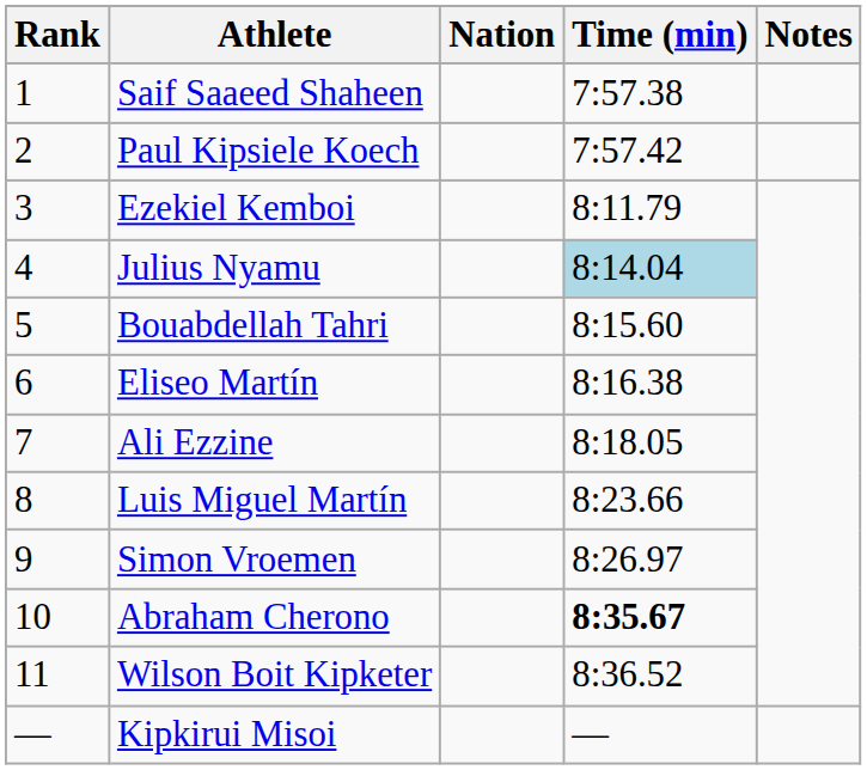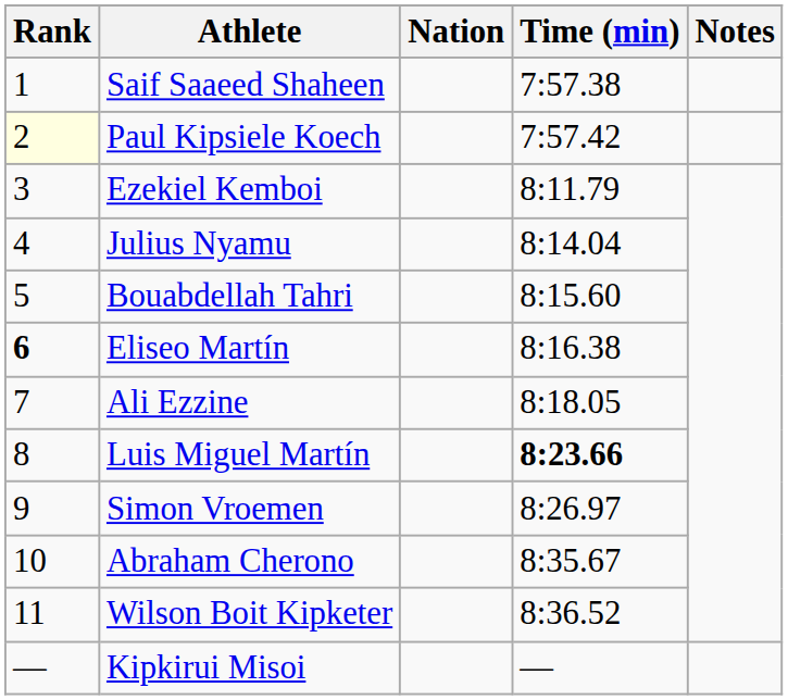 <table class="wikitable">
 <tr>
 </tr>
 <tr>
 <th>Rank</th>
 <th>Athlete</th>
 <th>Nation</th>
 <th>Time (<a href='#'>min</a>)</th>
 <th>Notes</th>
 </tr>
 <tr>
 <td>1</td>
 <td><a href='#'>Saif Saaeed Shaheen</a></td>
 <td></td>
 <td>7:57.38</td>
 <td></td>
 </tr>
 <tr>
-<td>2</td>
+<td style="background: lightyellow;">2</td>
 <td><a href='#'>Paul Kipsiele Koech</a></td>
 <td></td>
 <td>7:57.42</td>
 <td></td>
 </tr>
 <tr>
 <td>3</td>
 <td><a href='#'>Ezekiel Kemboi</a></td>
 <td></td>
 <td>8:11.79</td>
 </tr>
 <tr>
 <td>4</td>
 <td><a href='#'>Julius Nyamu</a></td>
 <td></td>
-<td style="background: lightblue;">8:14.04</td>
+<td>8:14.04</td>
 </tr>
 <tr>
 <td>5</td>
 <td><a href='#'>Bouabdellah Tahri</a></td>
 <td></td>
 <td>8:15.60</td>
 </tr>
 <tr>
-<td>6</td>
+<td><strong>6</strong></td>
 <td><a href='#'>Eliseo Martín</a></td>
 <td></td>
 <td>8:16.38</td>
 </tr>
 <tr>
 <td>7</td>
 <td><a href='#'>Ali Ezzine</a></td>
 <td></td>
 <td>8:18.05</td>
 </tr>
 <tr>
 <td>8</td>
 <td><a href='#'>Luis Miguel Martín</a></td>
 <td></td>
-<td>8:23.66</td>
+<td><strong>8:23.66</strong></td>
 </tr>
 <tr>
 <td>9</td>
 <td><a href='#'>Simon Vroemen</a></td>
 <td></td>
 <td>8:26.97</td>
 </tr>
 <tr>
 <td>10</td>
 <td><a href='#'>Abraham Cherono</a></td>
 <td></td>
-<td><strong>8:35.67</strong></td>
+<td>8:35.67</td>
 </tr>
 <tr>
 <td>11</td>
 <td><a href='#'>Wilson Boit Kipketer</a></td>
 <td></td>
 <td>8:36.52</td>
 </tr>
 <tr>
 <td>—</td>
 <td><a href='#'>Kipkirui Misoi</a></td>
 <td></td>
 <td>—</td>
 <td></td>
 </tr>
 </table>
